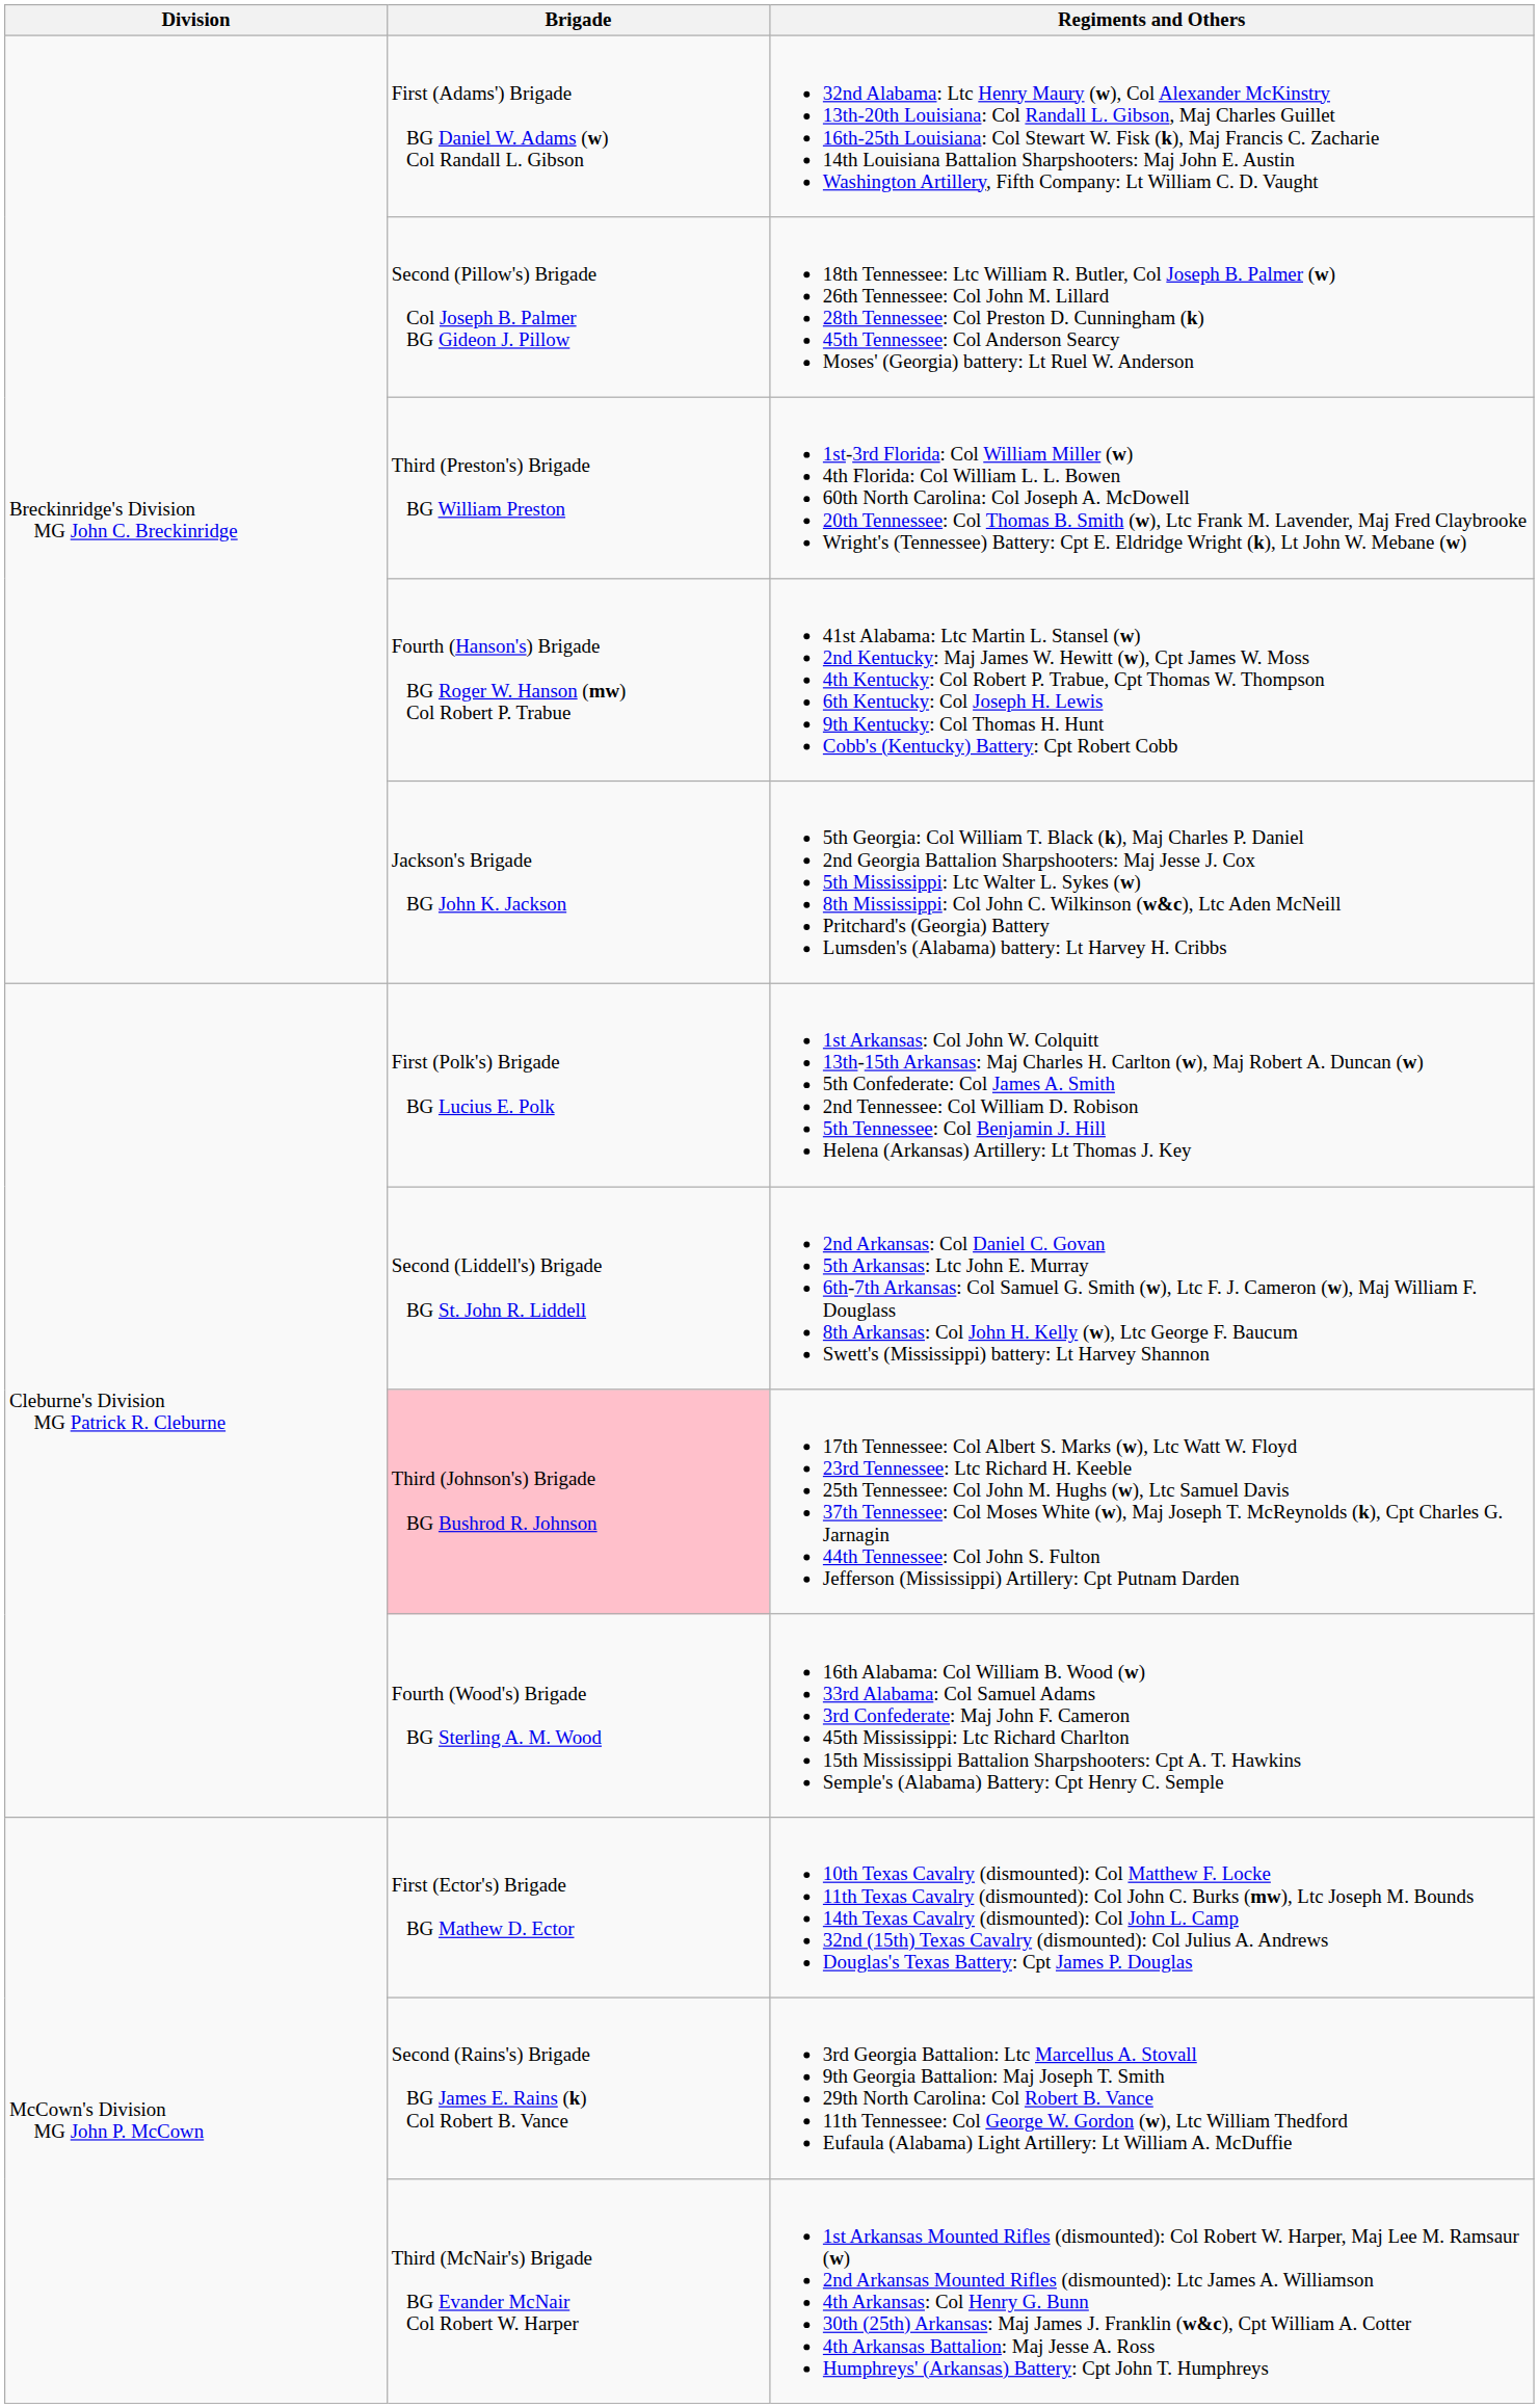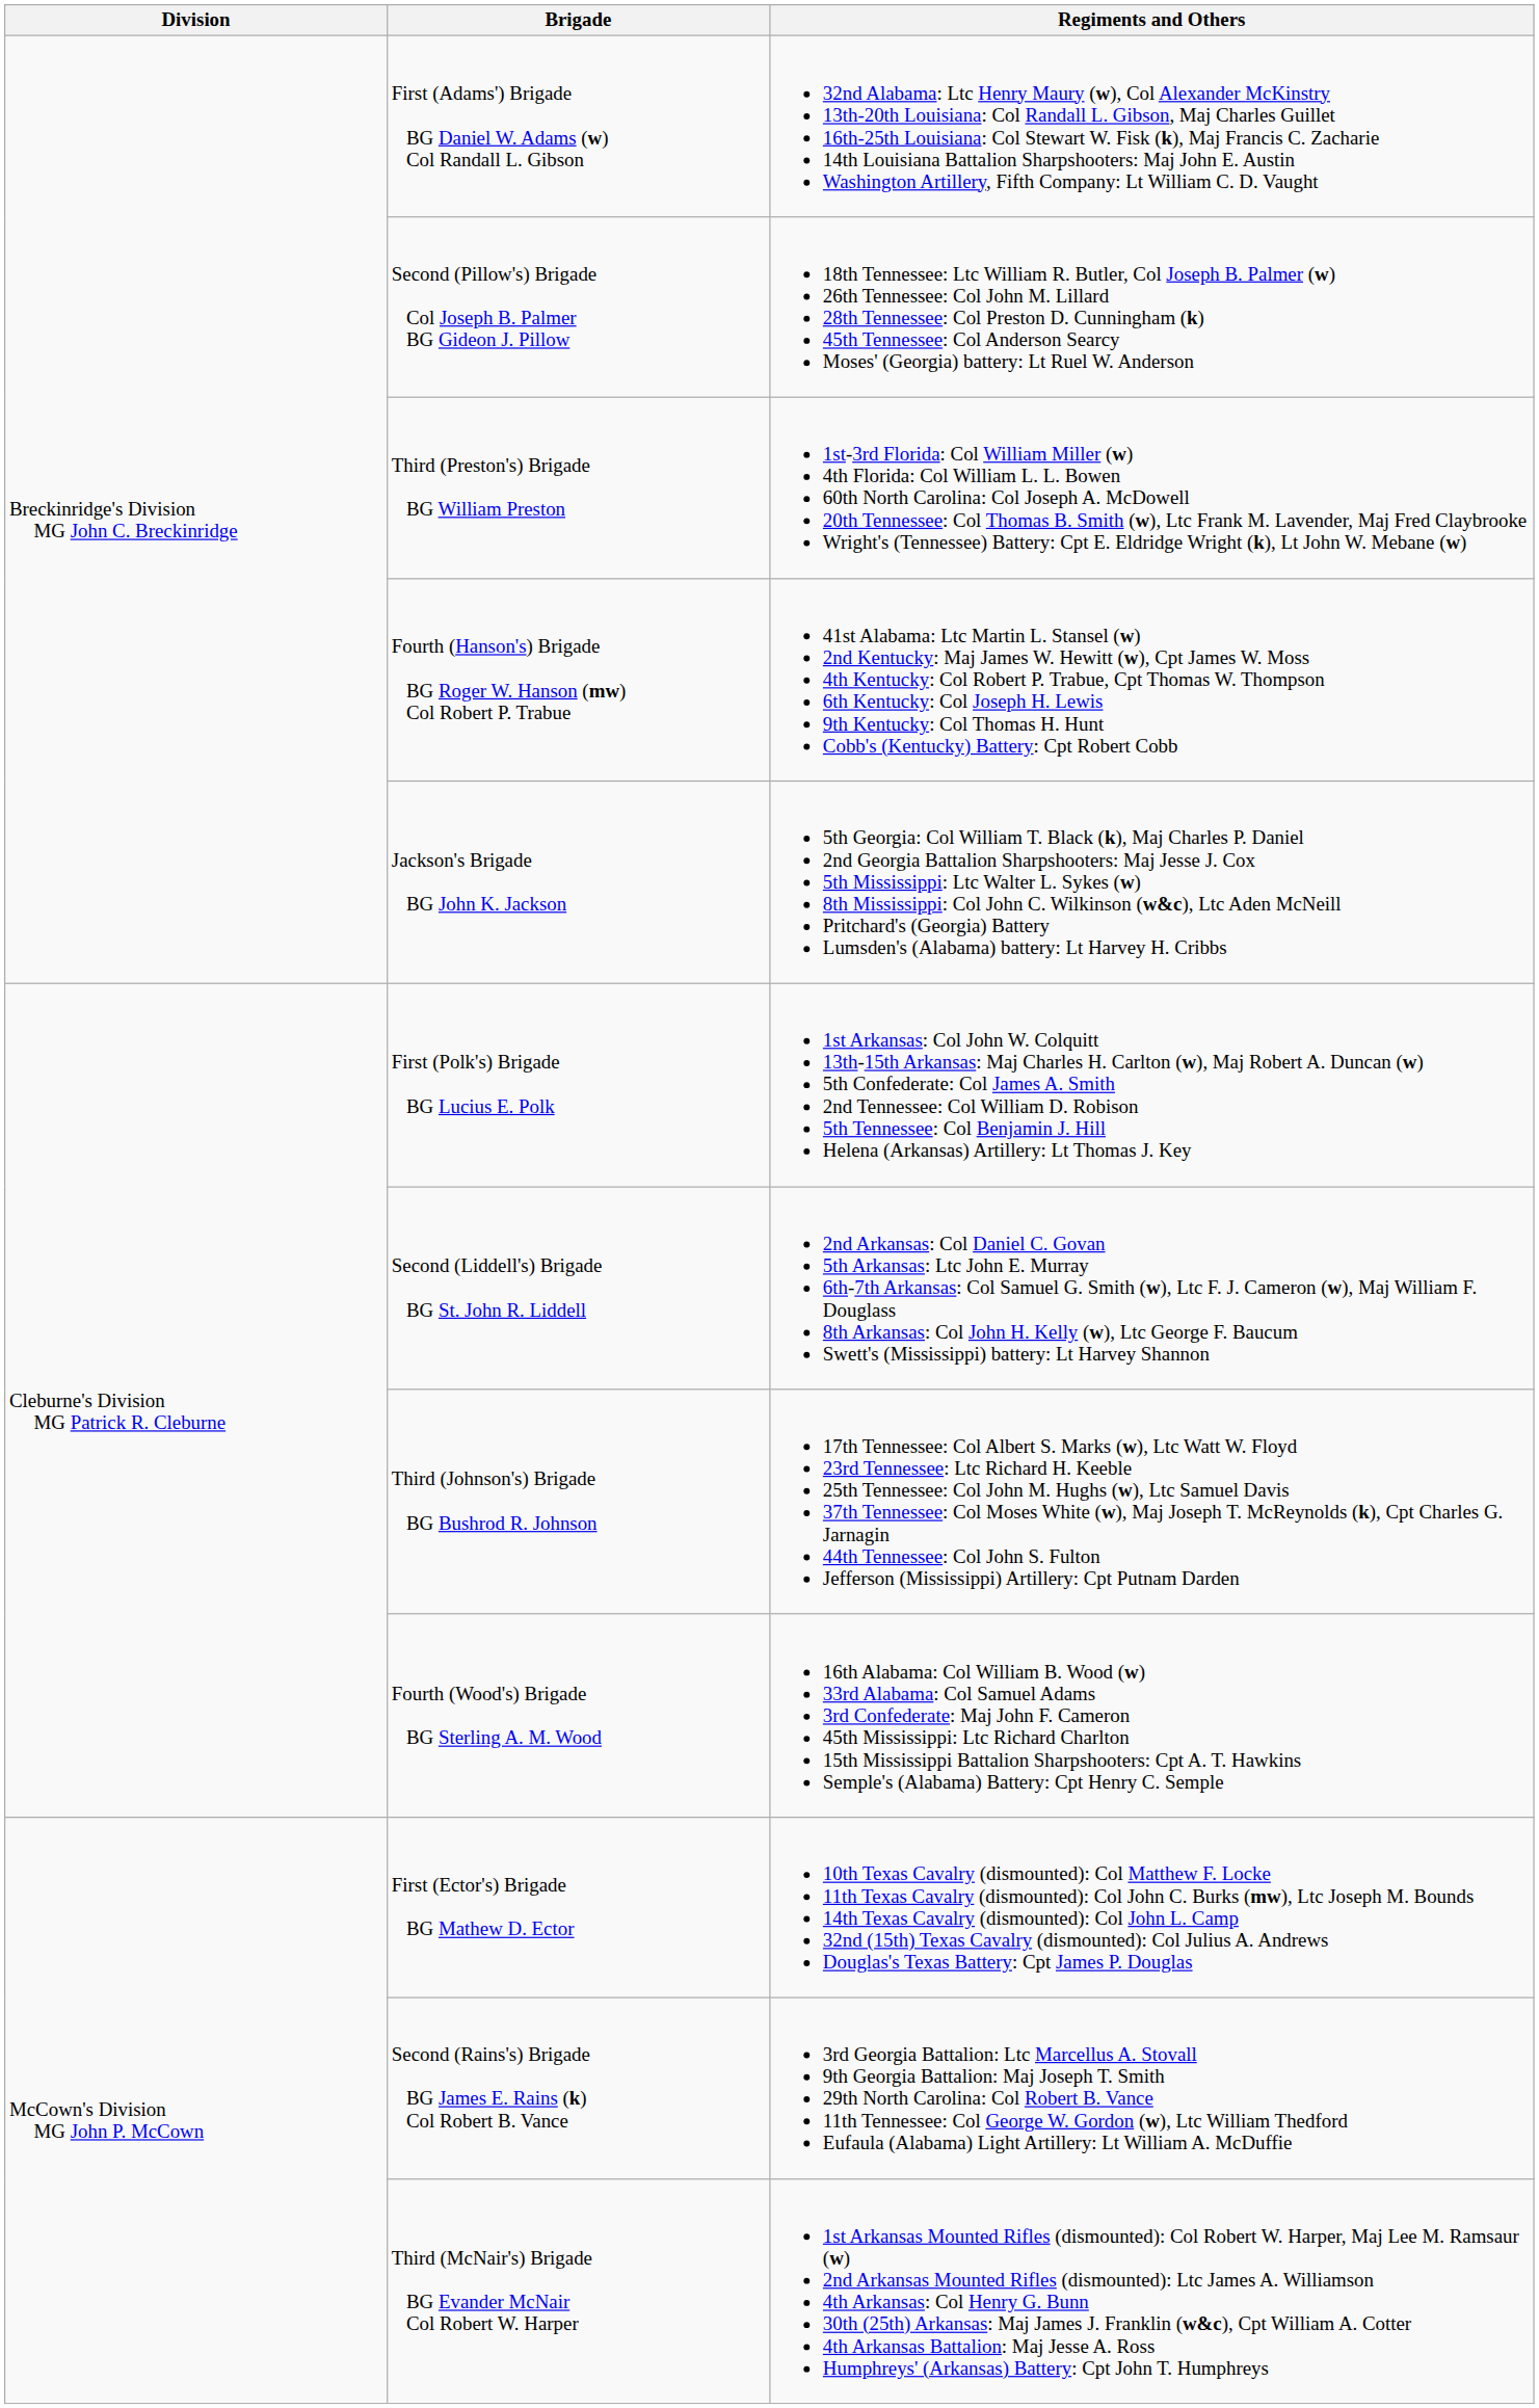 <table class="wikitable">
 <tr>
 <th width=25%>Division</th>
 <th width=25%>Brigade</th>
 <th>Regiments and Others</th>
 </tr>
 <tr>
 <td rowspan=5><br>Breckinridge's Division <br>     MG <a href='#'>John C. Breckinridge</a></td>
 <td>First (Adams') Brigade<br><br>   BG <a href='#'>Daniel W. Adams</a> (<strong>w</strong>) <br>   Col Randall L. Gibson</td>
 <td><br><ul><li><a href='#'>32nd Alabama</a>: Ltc <a href='#'>Henry Maury</a> (<strong>w</strong>), Col <a href='#'>Alexander McKinstry</a></li><li><a href='#'>13th-20th Louisiana</a>: Col <a href='#'>Randall L. Gibson</a>, Maj Charles Guillet</li><li><a href='#'>16th-25th Louisiana</a>: Col Stewart W. Fisk (<strong>k</strong>), Maj Francis C. Zacharie</li><li>14th Louisiana Battalion Sharpshooters: Maj John E. Austin</li><li><a href='#'>Washington Artillery</a>, Fifth Company: Lt William C. D. Vaught</li></ul></td>
 </tr>
 <tr>
 <td>Second (Pillow's) Brigade<br><br>   Col <a href='#'>Joseph B. Palmer</a> <br>   BG <a href='#'>Gideon J. Pillow</a></td>
 <td><br><ul><li>18th Tennessee: Ltc William R. Butler, Col <a href='#'>Joseph B. Palmer</a> (<strong>w</strong>)</li><li>26th Tennessee: Col John M. Lillard</li><li><a href='#'>28th Tennessee</a>: Col Preston D. Cunningham (<strong>k</strong>)</li><li><a href='#'>45th Tennessee</a>: Col Anderson Searcy</li><li>Moses' (Georgia) battery: Lt Ruel W. Anderson</li></ul></td>
 </tr>
 <tr>
 <td>Third (Preston's) Brigade<br><br>   BG <a href='#'>William Preston</a></td>
 <td><br><ul><li><a href='#'>1st</a>-<a href='#'>3rd Florida</a>: Col <a href='#'>William Miller</a> (<strong>w</strong>)</li><li>4th Florida: Col William L. L. Bowen</li><li>60th North Carolina: Col Joseph A. McDowell</li><li><a href='#'>20th Tennessee</a>: Col <a href='#'>Thomas B. Smith</a> (<strong>w</strong>), Ltc Frank M. Lavender, Maj Fred Claybrooke</li><li>Wright's (Tennessee) Battery: Cpt E. Eldridge Wright (<strong>k</strong>), Lt John W. Mebane (<strong>w</strong>)</li></ul></td>
 </tr>
 <tr>
 <td>Fourth (<a href='#'>Hanson's</a>) Brigade<br><br>   BG <a href='#'>Roger W. Hanson</a> (<strong>mw</strong>) <br>   Col Robert P. Trabue</td>
 <td><br><ul><li>41st Alabama: Ltc Martin L. Stansel (<strong>w</strong>)</li><li><a href='#'>2nd Kentucky</a>: Maj James W. Hewitt (<strong>w</strong>), Cpt James W. Moss</li><li><a href='#'>4th Kentucky</a>: Col Robert P. Trabue, Cpt Thomas W. Thompson</li><li><a href='#'>6th Kentucky</a>: Col <a href='#'>Joseph H. Lewis</a></li><li><a href='#'>9th Kentucky</a>: Col Thomas H. Hunt</li><li><a href='#'>Cobb's (Kentucky) Battery</a>: Cpt Robert Cobb</li></ul></td>
 </tr>
 <tr>
 <td>Jackson's Brigade<br><br>   BG <a href='#'>John K. Jackson</a></td>
 <td><br><ul><li>5th Georgia: Col William T. Black (<strong>k</strong>), Maj Charles P. Daniel</li><li>2nd Georgia Battalion Sharpshooters: Maj Jesse J. Cox</li><li><a href='#'>5th Mississippi</a>: Ltc Walter L. Sykes (<strong>w</strong>)</li><li><a href='#'>8th Mississippi</a>: Col John C. Wilkinson (<strong>w&c</strong>), Ltc Aden McNeill</li><li>Pritchard's (Georgia) Battery</li><li>Lumsden's (Alabama) battery: Lt Harvey H. Cribbs</li></ul></td>
 </tr>
 <tr>
 <td rowspan=4><br>Cleburne's Division <br>     MG <a href='#'>Patrick R. Cleburne</a></td>
 <td>First (Polk's) Brigade<br><br>   BG <a href='#'>Lucius E. Polk</a></td>
 <td><br><ul><li><a href='#'>1st Arkansas</a>: Col John W. Colquitt</li><li><a href='#'>13th</a>-<a href='#'>15th Arkansas</a>: Maj Charles H. Carlton (<strong>w</strong>), Maj Robert A. Duncan (<strong>w</strong>)</li><li>5th Confederate: Col <a href='#'>James A. Smith</a></li><li>2nd Tennessee: Col William D. Robison</li><li><a href='#'>5th Tennessee</a>: Col <a href='#'>Benjamin J. Hill</a></li><li>Helena (Arkansas) Artillery: Lt Thomas J. Key</li></ul></td>
 </tr>
 <tr>
 <td>Second (Liddell's) Brigade<br><br>   BG <a href='#'>St. John R. Liddell</a></td>
 <td><br><ul><li><a href='#'>2nd Arkansas</a>: Col <a href='#'>Daniel C. Govan</a></li><li><a href='#'>5th Arkansas</a>: Ltc John E. Murray</li><li><a href='#'>6th</a>-<a href='#'>7th Arkansas</a>: Col Samuel G. Smith (<strong>w</strong>), Ltc F. J. Cameron (<strong>w</strong>), Maj William F. Douglass</li><li><a href='#'>8th Arkansas</a>: Col <a href='#'>John H. Kelly</a> (<strong>w</strong>), Ltc George F. Baucum</li><li>Swett's (Mississippi) battery: Lt Harvey Shannon</li></ul></td>
 </tr>
 <tr>
-<td style="background: pink;">Third (Johnson's) Brigade<br><br>   BG <a href='#'>Bushrod R. Johnson</a></td>
+<td>Third (Johnson's) Brigade<br><br>   BG <a href='#'>Bushrod R. Johnson</a></td>
 <td><br><ul><li>17th Tennessee: Col Albert S. Marks (<strong>w</strong>), Ltc Watt W. Floyd</li><li><a href='#'>23rd Tennessee</a>: Ltc Richard H. Keeble</li><li>25th Tennessee: Col John M. Hughs (<strong>w</strong>), Ltc Samuel Davis</li><li><a href='#'>37th Tennessee</a>: Col Moses White (<strong>w</strong>), Maj Joseph T. McReynolds (<strong>k</strong>), Cpt Charles G. Jarnagin</li><li><a href='#'>44th Tennessee</a>: Col John S. Fulton</li><li>Jefferson (Mississippi) Artillery: Cpt Putnam Darden</li></ul></td>
 </tr>
 <tr>
 <td>Fourth (Wood's) Brigade<br><br>   BG <a href='#'>Sterling A. M. Wood</a></td>
 <td><br><ul><li>16th Alabama: Col William B. Wood (<strong>w</strong>)</li><li><a href='#'>33rd Alabama</a>: Col Samuel Adams</li><li><a href='#'>3rd Confederate</a>: Maj John F. Cameron</li><li>45th Mississippi: Ltc Richard Charlton</li><li>15th Mississippi Battalion Sharpshooters: Cpt A. T. Hawkins</li><li>Semple's (Alabama) Battery: Cpt Henry C. Semple</li></ul></td>
 </tr>
 <tr>
 <td rowspan=3><br>McCown's Division <br>     MG <a href='#'>John P. McCown</a></td>
 <td>First (Ector's) Brigade<br><br>   BG <a href='#'>Mathew D. Ector</a></td>
 <td><br><ul><li><a href='#'>10th Texas Cavalry</a> (dismounted): Col <a href='#'>Matthew F. Locke</a></li><li><a href='#'>11th Texas Cavalry</a> (dismounted): Col John C. Burks (<strong>mw</strong>), Ltc Joseph M. Bounds</li><li><a href='#'>14th Texas Cavalry</a> (dismounted): Col <a href='#'>John L. Camp</a></li><li><a href='#'>32nd (15th) Texas Cavalry</a> (dismounted): Col Julius A. Andrews</li><li><a href='#'>Douglas's Texas Battery</a>: Cpt <a href='#'>James P. Douglas</a></li></ul></td>
 </tr>
 <tr>
 <td>Second (Rains's) Brigade<br><br>   BG <a href='#'>James E. Rains</a> (<strong>k</strong>) <br>   Col Robert B. Vance</td>
 <td><br><ul><li>3rd Georgia Battalion: Ltc <a href='#'>Marcellus A. Stovall</a></li><li>9th Georgia Battalion: Maj Joseph T. Smith</li><li>29th North Carolina: Col <a href='#'>Robert B. Vance</a></li><li>11th Tennessee: Col <a href='#'>George W. Gordon</a> (<strong>w</strong>), Ltc William Thedford</li><li>Eufaula (Alabama) Light Artillery: Lt William A. McDuffie</li></ul></td>
 </tr>
 <tr>
 <td>Third (McNair's) Brigade<br><br>   BG <a href='#'>Evander McNair</a> <br>   Col Robert W. Harper</td>
 <td><br><ul><li><a href='#'>1st Arkansas Mounted Rifles</a> (dismounted): Col Robert W. Harper, Maj Lee M. Ramsaur (<strong>w</strong>)</li><li><a href='#'>2nd Arkansas Mounted Rifles</a> (dismounted): Ltc James A. Williamson</li><li><a href='#'>4th Arkansas</a>: Col <a href='#'>Henry G. Bunn</a></li><li><a href='#'>30th (25th) Arkansas</a>: Maj James J. Franklin (<strong>w&c</strong>), Cpt William A. Cotter</li><li><a href='#'>4th Arkansas Battalion</a>: Maj Jesse A. Ross</li><li><a href='#'>Humphreys' (Arkansas) Battery</a>: Cpt John T. Humphreys</li></ul></td>
 </tr>
 </table>
